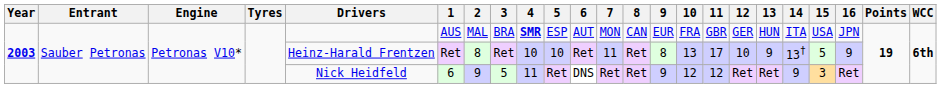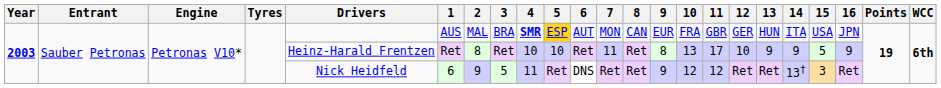 <table class="wikitable" style="text-align:center; font-size:95%">
 <tr>
 <th>Year</th>
 <th>Entrant</th>
 <th>Engine</th>
 <th>Tyres</th>
 <th>Drivers</th>
 <th>1</th>
 <th>2</th>
 <th>3</th>
 <th>4</th>
 <th>5</th>
 <th>6</th>
 <th>7</th>
 <th>8</th>
 <th>9</th>
 <th>10</th>
 <th>11</th>
 <th>12</th>
 <th>13</th>
 <th>14</th>
 <th>15</th>
 <th>16</th>
 <th>Points</th>
 <th>WCC</th>
 </tr>
 <tr>
 <td rowspan="3"><strong><a href='#'>2003</a></strong></td>
 <td rowspan="3"><a href='#'>Sauber</a> <a href='#'>Petronas</a></td>
 <td rowspan="3"><a href='#'>Petronas</a> <a href='#'>V10</a>*</td>
 <td rowspan="3"></td>
 <td></td>
 <td><a href='#'>AUS</a></td>
 <td><a href='#'>MAL</a></td>
 <td><a href='#'>BRA</a></td>
 <td><strong><a href='#'>SMR</a></strong></td>
-<td><a href='#'>ESP</a></td>
+<td style="background: gold;"><a href='#'>ESP</a></td>
 <td><a href='#'>AUT</a></td>
 <td><a href='#'>MON</a></td>
 <td><a href='#'>CAN</a></td>
 <td><a href='#'>EUR</a></td>
 <td><a href='#'>FRA</a></td>
 <td><a href='#'>GBR</a></td>
 <td><a href='#'>GER</a></td>
 <td><a href='#'>HUN</a></td>
 <td><a href='#'>ITA</a></td>
 <td><a href='#'>USA</a></td>
 <td><a href='#'>JPN</a></td>
 <td rowspan="3"><strong>19</strong></td>
 <td rowspan="3"><strong>6th</strong></td>
 </tr>
 <tr>
 <td> <a href='#'>Heinz-Harald Frentzen</a></td>
 <td style="background:#EFCFFF;">Ret</td>
 <td style="background:#DFFFDF;">8</td>
 <td style="background:#EFCFFF;">Ret</td>
 <td style="background:#CFCFFF;">10</td>
 <td style="background:#CFCFFF;">10</td>
 <td style="background:#EFCFFF;">Ret</td>
 <td style="background:#CFCFFF;">11</td>
 <td style="background:#EFCFFF;">Ret</td>
 <td style="background:#DFFFDF;">8</td>
 <td style="background:#CFCFFF;">13</td>
 <td style="background:#CFCFFF;">17</td>
 <td style="background:#CFCFFF;">10</td>
 <td style="background:#CFCFFF;">9</td>
-<td style="background:#CFCFFF;">13<sup>†</sup></td>
+<td style="background:#CFCFFF;">9</td>
 <td style="background:#DFFFDF;">5</td>
 <td style="background:#CFCFFF;">9</td>
 </tr>
 <tr>
 <td> <a href='#'>Nick Heidfeld</a></td>
 <td style="background:#DFFFDF;">6</td>
 <td style="background:#CFCFFF;">9</td>
 <td style="background:#DFFFDF;">5</td>
 <td style="background:#CFCFFF;">11</td>
 <td style="background:#EFCFFF;">Ret</td>
 <td style="background:#ffffff;">DNS</td>
 <td style="background:#EFCFFF;">Ret</td>
 <td style="background:#EFCFFF;">Ret</td>
 <td style="background:#CFCFFF;">9</td>
 <td style="background:#CFCFFF;">12</td>
 <td style="background:#CFCFFF;">12</td>
 <td style="background:#EFCFFF;">Ret</td>
 <td style="background:#EFCFFF;">Ret</td>
-<td style="background:#CFCFFF;">9</td>
+<td style="background:#CFCFFF;">13<sup>†</sup></td>
 <td style="background:#FFDF9F;">3</td>
 <td style="background:#EFCFFF;">Ret</td>
 </tr>
 </table>
